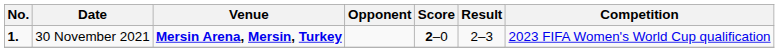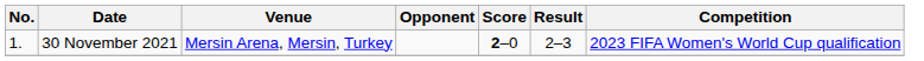 <table class="wikitable">
 <tr>
 <th>No.</th>
 <th>Date</th>
 <th>Venue</th>
 <th>Opponent</th>
 <th>Score</th>
 <th>Result</th>
 <th>Competition</th>
 </tr>
 <tr>
-<td><strong>1.</strong></td>
+<td>1.</td>
 <td>30 November 2021</td>
-<td><strong><a href='#'>Mersin Arena</a>, <a href='#'>Mersin</a>, <a href='#'>Turkey</a></strong></td>
+<td><a href='#'>Mersin Arena</a>, <a href='#'>Mersin</a>, <a href='#'>Turkey</a></td>
 <td></td>
 <td align=center><strong>2</strong>–0</td>
 <td align=center>2–3</td>
 <td><a href='#'>2023 FIFA Women's World Cup qualification</a></td>
 </tr>
 <tr>
 </tr>
 </table>
